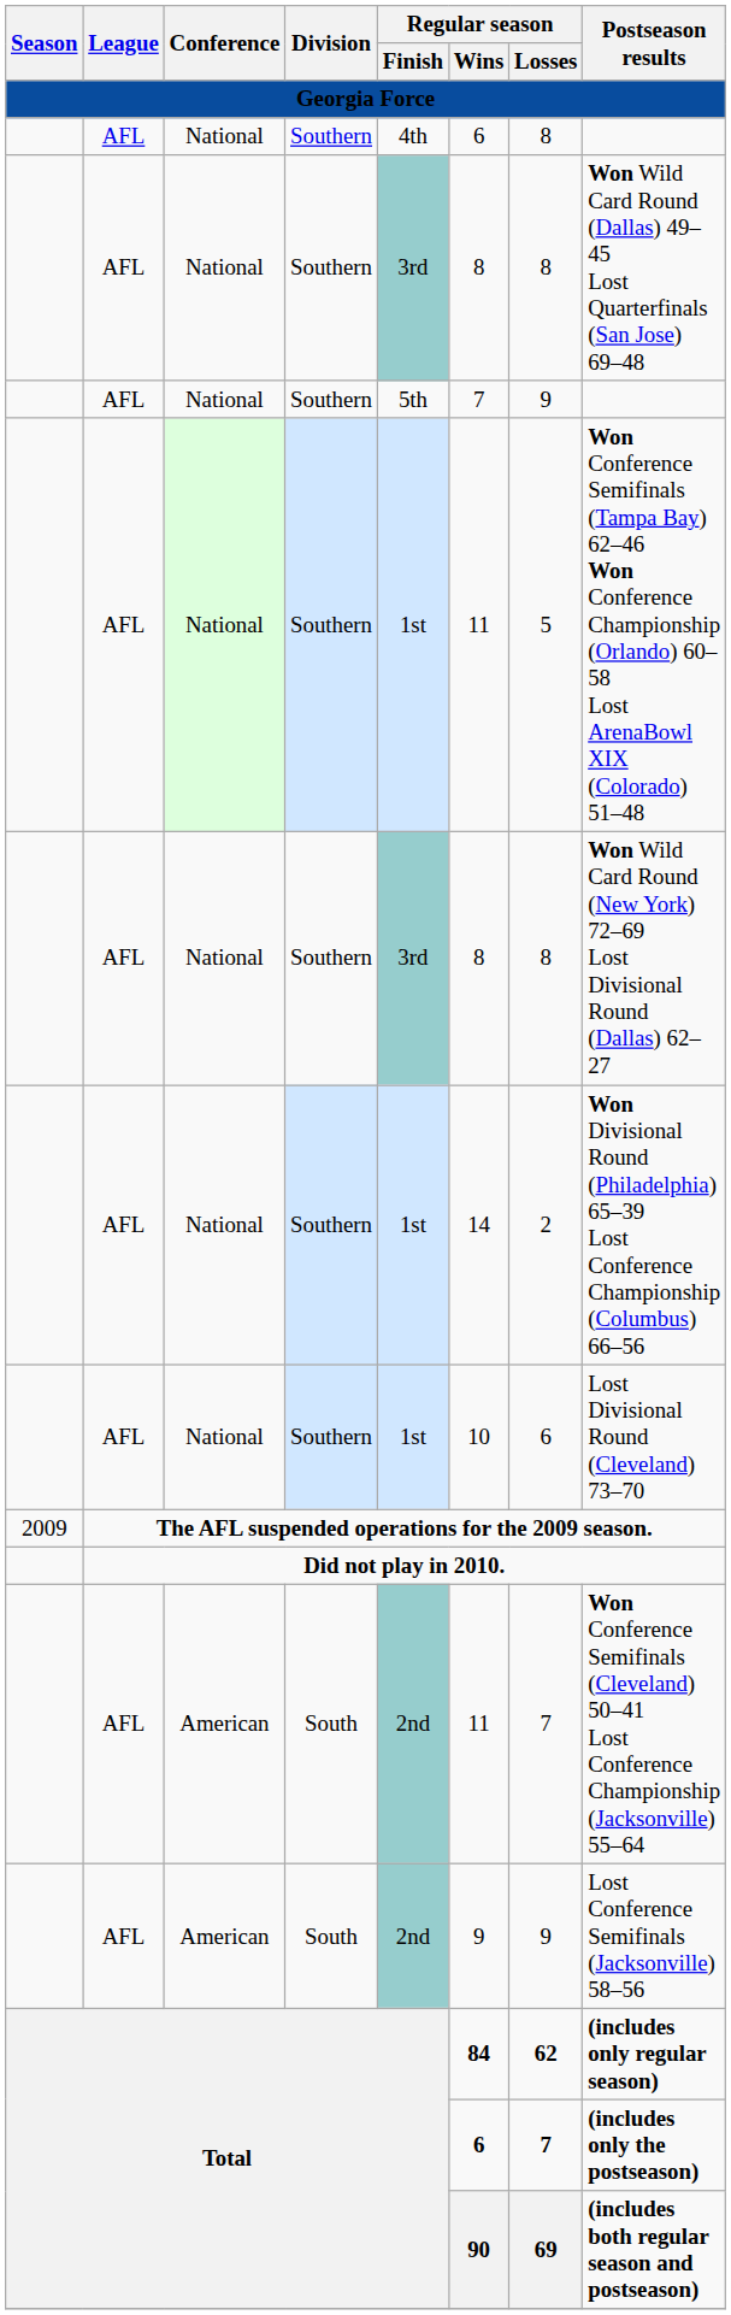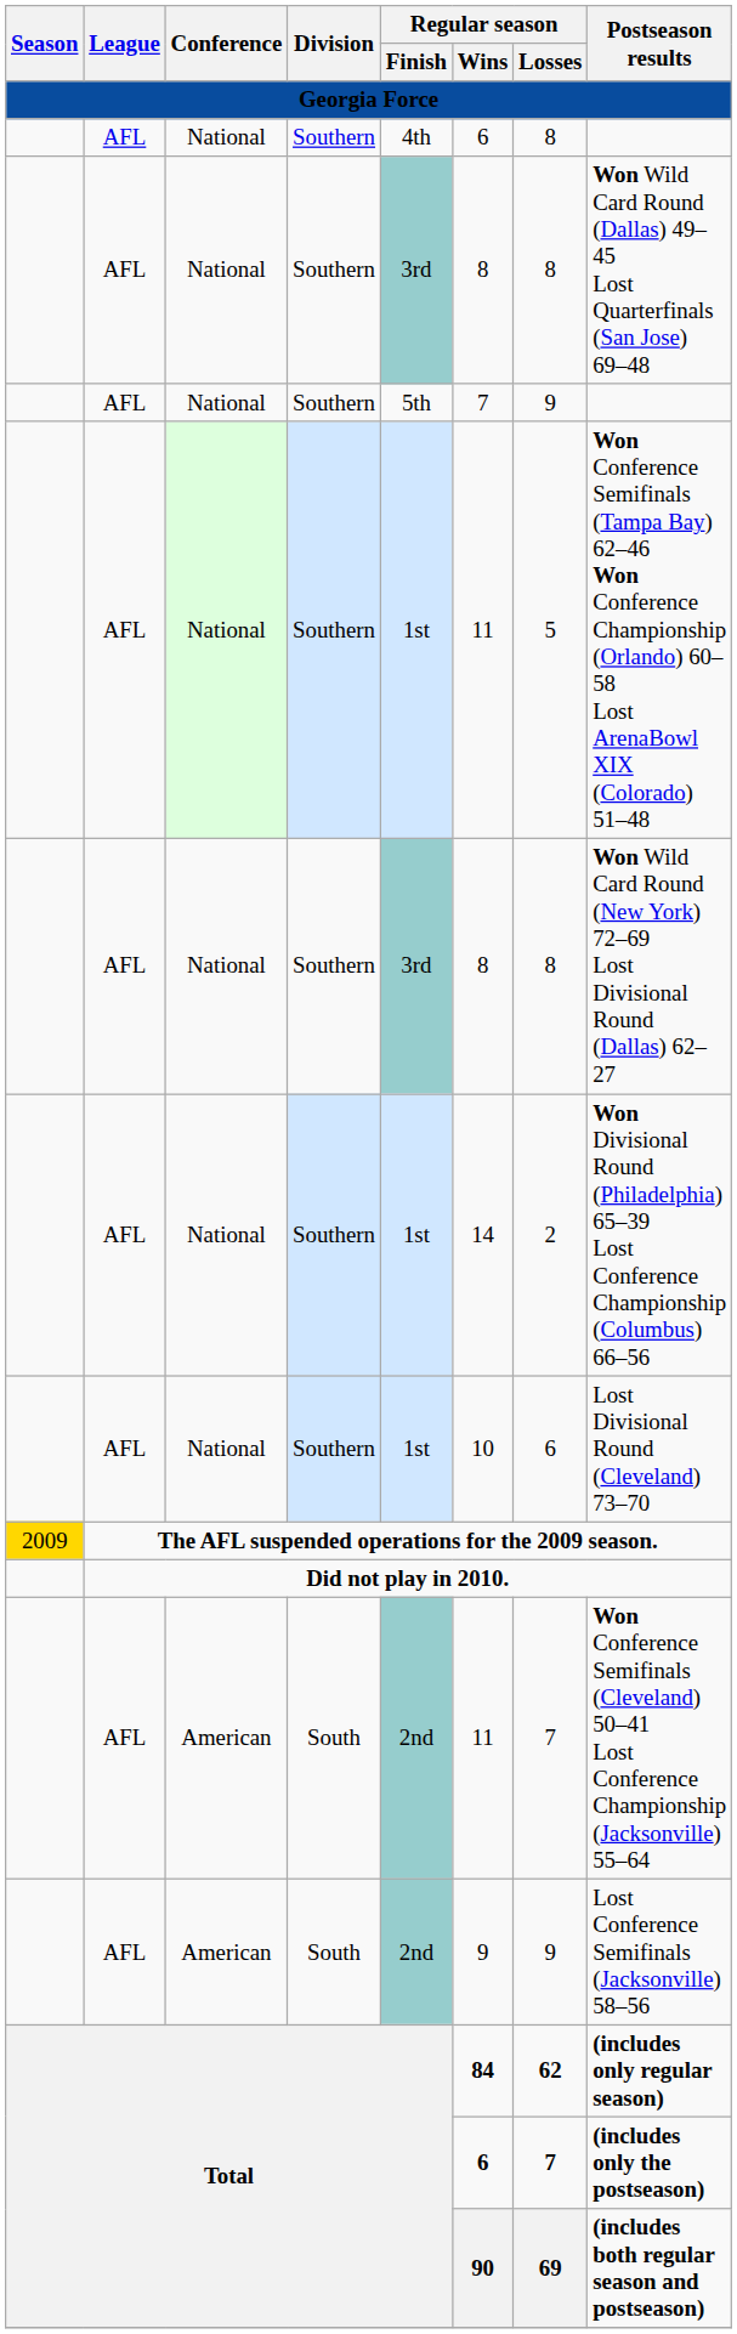 <table class="wikitable" style="font-size: 95%; width:70%;">
 <tr>
 <th rowspan="2" style="width:5%;"><a href='#'>Season</a></th>
 <th rowspan="2" style="width:5%;"><a href='#'>League</a></th>
 <th rowspan="2" style="width:5%;">Conference</th>
 <th rowspan="2">Division</th>
 <th colspan="3">Regular season</th>
 <th rowspan="2">Postseason results</th>
 </tr>
 <tr>
 <th>Finish</th>
 <th>Wins</th>
 <th>Losses</th>
 </tr>
 <tr>
 <td Colspan="8" align=center style="background:#084C9E"><strong><span>Georgia Force</span></strong></td>
 </tr>
 <tr>
 <td align="center"></td>
 <td align="center"><a href='#'>AFL</a></td>
 <td align="center">National</td>
 <td align="center"><a href='#'>Southern</a></td>
 <td align="center">4th</td>
 <td align="center">6</td>
 <td align="center">8</td>
 <td></td>
 </tr>
 <tr>
 <td align="center"></td>
 <td align="center">AFL</td>
 <td align="center">National</td>
 <td align="center">Southern</td>
 <td align="center" bgcolor="#96CDCD">3rd</td>
 <td align="center">8</td>
 <td align="center">8</td>
 <td><strong>Won</strong> Wild Card Round (<a href='#'>Dallas</a>) 49–45 <br> Lost Quarterfinals (<a href='#'>San Jose</a>) 69–48</td>
 </tr>
 <tr>
 <td align="center"></td>
 <td align="center">AFL</td>
 <td align="center">National</td>
 <td align="center">Southern</td>
 <td align="center">5th</td>
 <td align="center">7</td>
 <td align="center">9</td>
 <td></td>
 </tr>
 <tr>
 <td align="center"></td>
 <td align="center">AFL</td>
 <td align="center" bgcolor="#DDFFDD">National</td>
 <td align="center" bgcolor="#D0E7FF">Southern</td>
 <td align="center" bgcolor="#D0E7FF">1st</td>
 <td align="center">11</td>
 <td align="center">5</td>
 <td><strong>Won</strong> Conference Semifinals (<a href='#'>Tampa Bay</a>) 62–46 <br> <strong>Won</strong> Conference Championship (<a href='#'>Orlando</a>) 60–58 <br> Lost <a href='#'>ArenaBowl XIX</a> (<a href='#'>Colorado</a>) 51–48</td>
 </tr>
 <tr>
 <td align="center"></td>
 <td align="center">AFL</td>
 <td align="center">National</td>
 <td align="center">Southern</td>
 <td align="center" bgcolor="#96CDCD">3rd</td>
 <td align="center">8</td>
 <td align="center">8</td>
 <td><strong>Won</strong> Wild Card Round (<a href='#'>New York</a>) 72–69 <br> Lost Divisional Round (<a href='#'>Dallas</a>) 62–27</td>
 </tr>
 <tr>
 <td align="center"></td>
 <td align="center">AFL</td>
 <td align="center">National</td>
 <td align="center" bgcolor="#D0E7FF">Southern</td>
 <td align="center" bgcolor="#D0E7FF">1st</td>
 <td align="center">14</td>
 <td align="center">2</td>
 <td><strong>Won</strong> Divisional Round (<a href='#'>Philadelphia</a>) 65–39 <br> Lost Conference Championship (<a href='#'>Columbus</a>) 66–56</td>
 </tr>
 <tr>
 <td align="center"></td>
 <td align="center">AFL</td>
 <td align="center">National</td>
 <td align="center" bgcolor="#D0E7FF">Southern</td>
 <td align="center" bgcolor="#D0E7FF">1st</td>
 <td align="center">10</td>
 <td align="center">6</td>
 <td>Lost Divisional Round (<a href='#'>Cleveland</a>) 73–70</td>
 </tr>
 <tr>
-<td align="center">2009</td>
+<td align="center" style="background: gold;">2009</td>
 <td align="center" Colspan="8"><strong>The AFL suspended operations for the 2009 season.</strong></td>
 </tr>
 <tr>
 <td align="center"></td>
 <td align="center" Colspan="8"><strong>Did not play in 2010.</strong></td>
 </tr>
 <tr>
 <td align="center"></td>
 <td align="center">AFL</td>
 <td align="center">American</td>
 <td align="center">South</td>
 <td align="center" bgcolor="#96CDCD">2nd</td>
 <td align="center">11</td>
 <td align="center">7</td>
 <td><strong>Won</strong> Conference Semifinals (<a href='#'>Cleveland</a>) 50–41<br> Lost Conference Championship (<a href='#'>Jacksonville</a>) 55–64</td>
 </tr>
 <tr>
 <td align="center"></td>
 <td align="center">AFL</td>
 <td align="center">American</td>
 <td align="center">South</td>
 <td align="center" bgcolor="#96CDCD">2nd</td>
 <td align="center">9</td>
 <td align="center">9</td>
 <td>Lost Conference Semifinals (<a href='#'>Jacksonville</a>) 58–56</td>
 </tr>
 <tr>
 <th align="center" rowSpan="3" colSpan="5">Total</th>
 <td align="center"><strong>84</strong></td>
 <td align="center"><strong>62</strong></td>
 <td colSpan="2"><strong>(includes only regular season)</strong></td>
 </tr>
 <tr>
 <td align="center"><strong>6</strong></td>
 <td align="center"><strong>7</strong></td>
 <td colSpan="2"><strong>(includes only the postseason)</strong></td>
 </tr>
 <tr>
 <th align="center">90</th>
 <th align="center">69</th>
 <td colSpan="2"><strong>(includes both regular season and postseason)</strong></td>
 </tr>
 <tr>
 </tr>
 </table>
